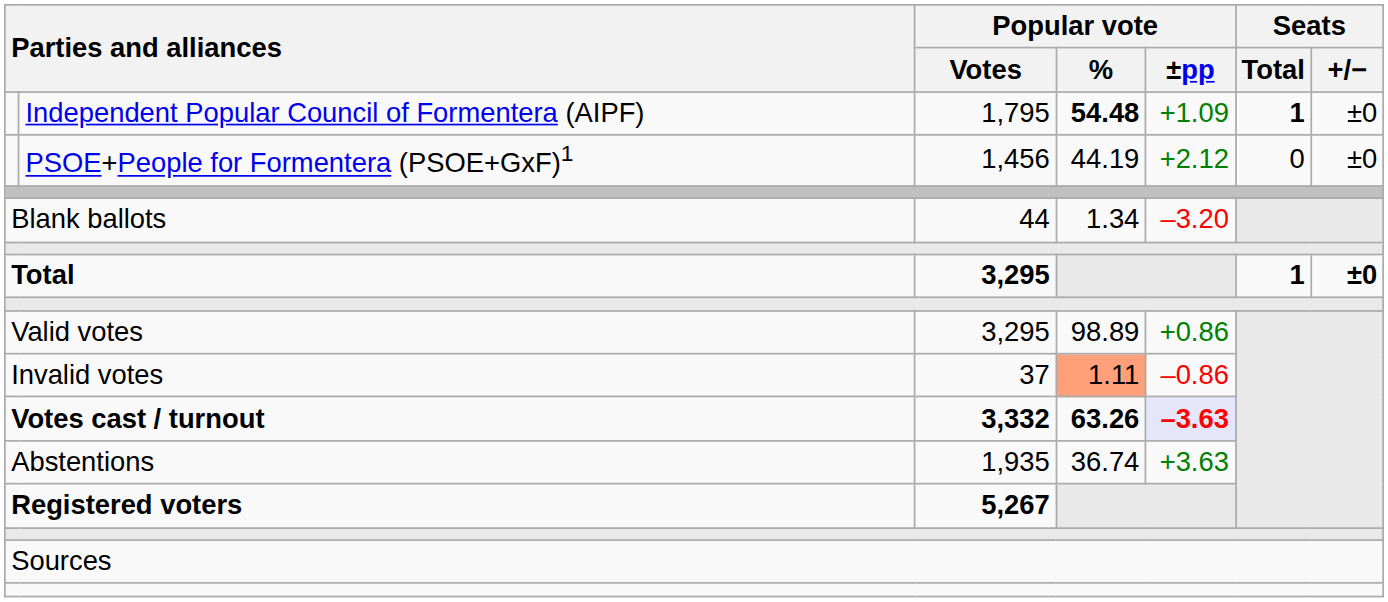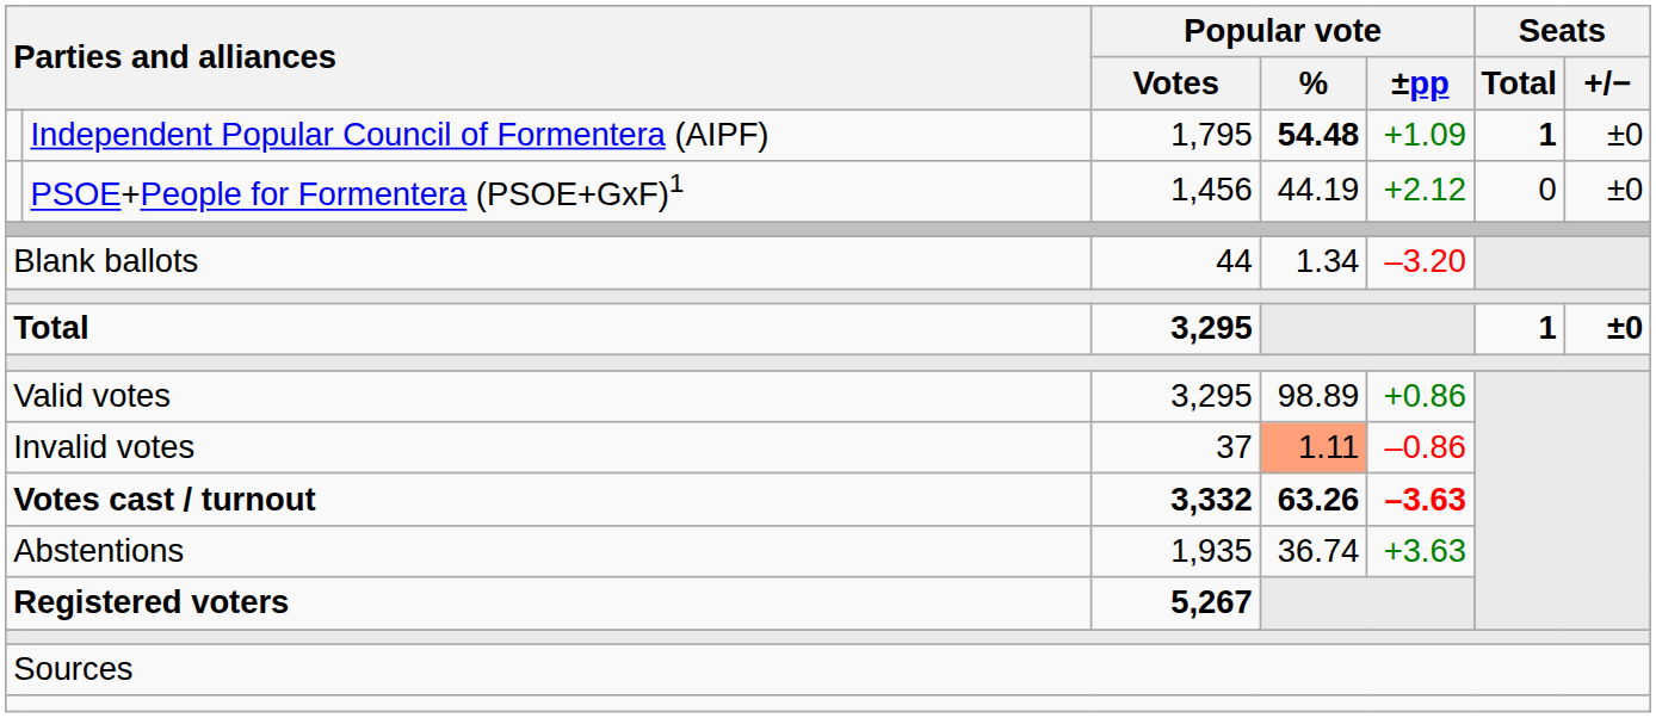 <table class="wikitable" style="text-align:right;">
 <tr>
 <th style="text-align:left;" rowspan="2" colspan="2" width="525">Parties and alliances</th>
 <th colspan="3">Popular vote</th>
 <th colspan="2">Seats</th>
 </tr>
 <tr>
 <th width="75">Votes</th>
 <th width="45">%</th>
 <th width="45">±<a href='#'>pp</a></th>
 <th width="35">Total</th>
 <th width="35">+/−</th>
 </tr>
 <tr>
 <td width="1" style="color:inherit;background:"></td>
 <td align="left"><a href='#'>Independent Popular Council of Formentera</a> (AIPF)</td>
 <td>1,795</td>
 <td><strong>54.48</strong></td>
 <td style="color:green;">+1.09</td>
 <td><strong>1</strong></td>
 <td>±0</td>
 </tr>
 <tr>
 <td style="color:inherit;background:"></td>
 <td align="left"><a href='#'>PSOE</a>+<a href='#'>People for Formentera</a> (PSOE+GxF)<sup>1</sup></td>
 <td>1,456</td>
 <td>44.19</td>
 <td style="color:green;">+2.12</td>
 <td>0</td>
 <td>±0</td>
 </tr>
 <tr>
 <td colspan="7" bgcolor="#C0C0C0"></td>
 </tr>
 <tr>
 <td align="left" colspan="2">Blank ballots</td>
 <td>44</td>
 <td>1.34</td>
 <td style="color:red;">–3.20</td>
 <td bgcolor="#E9E9E9" colspan="2"></td>
 </tr>
 <tr>
 <td colspan="7" bgcolor="#E9E9E9"></td>
 </tr>
 <tr style="font-weight:bold;">
 <td align="left" colspan="2">Total</td>
 <td>3,295</td>
 <td bgcolor="#E9E9E9" colspan="2"></td>
 <td>1</td>
 <td>±0</td>
 </tr>
 <tr>
 <td colspan="7" bgcolor="#E9E9E9"></td>
 </tr>
 <tr>
 <td align="left" colspan="2">Valid votes</td>
 <td>3,295</td>
 <td>98.89</td>
 <td style="color:green;">+0.86</td>
 <td bgcolor="#E9E9E9" colspan="2" rowspan="5"></td>
 </tr>
 <tr>
 <td align="left" colspan="2">Invalid votes</td>
 <td>37</td>
 <td style="background: lightsalmon;">1.11</td>
 <td style="color:red;">–0.86</td>
 </tr>
 <tr style="font-weight:bold;">
 <td align="left" colspan="2">Votes cast / turnout</td>
 <td>3,332</td>
 <td>63.26</td>
-<td style="background: lavender; color:red;">–3.63</td>
+<td style="color:red;">–3.63</td>
 </tr>
 <tr>
 <td align="left" colspan="2">Abstentions</td>
 <td>1,935</td>
 <td>36.74</td>
 <td style="color:green;">+3.63</td>
 </tr>
 <tr style="font-weight:bold;">
 <td align="left" colspan="2">Registered voters</td>
 <td>5,267</td>
 <td bgcolor="#E9E9E9" colspan="2"></td>
 </tr>
 <tr>
 <td colspan="7" bgcolor="#E9E9E9"></td>
 </tr>
 <tr>
 <td align="left" colspan="7">Sources</td>
 </tr>
 <tr>
 <td colspan="7" style="text-align:left; max-width:790px;"></td>
 </tr>
 </table>
